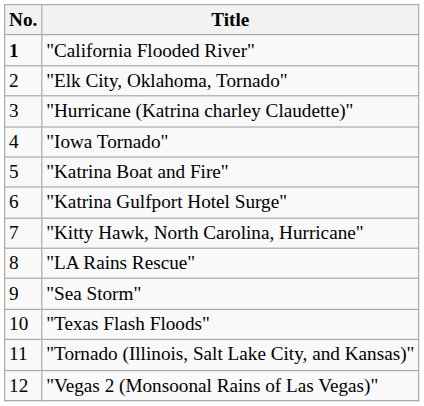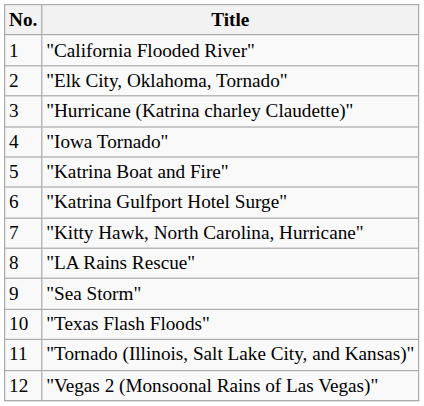 <table class="wikitable">
 <tr>
 <th>No.</th>
 <th>Title</th>
 </tr>
 <tr>
-<td><strong>1</strong></td>
+<td>1</td>
 <td>"California Flooded River"</td>
 </tr>
 <tr>
 <td>2</td>
 <td>"Elk City, Oklahoma, Tornado"</td>
 </tr>
 <tr>
 <td>3</td>
 <td>"Hurricane (Katrina charley Claudette)"</td>
 </tr>
 <tr>
 <td>4</td>
 <td>"Iowa Tornado"</td>
 </tr>
 <tr>
 <td>5</td>
 <td>"Katrina Boat and Fire"</td>
 </tr>
 <tr>
 <td>6</td>
 <td>"Katrina Gulfport Hotel Surge"</td>
 </tr>
 <tr>
 <td>7</td>
 <td>"Kitty Hawk, North Carolina, Hurricane"</td>
 </tr>
 <tr>
 <td>8</td>
 <td>"LA Rains Rescue"</td>
 </tr>
 <tr>
 <td>9</td>
 <td>"Sea Storm"</td>
 </tr>
 <tr>
 <td>10</td>
 <td>"Texas Flash Floods"</td>
 </tr>
 <tr>
 <td>11</td>
 <td>"Tornado (Illinois, Salt Lake City, and Kansas)"</td>
 </tr>
 <tr>
 <td>12</td>
 <td>"Vegas 2 (Monsoonal Rains of Las Vegas)"</td>
 </tr>
 <tr>
 </tr>
 </table>
